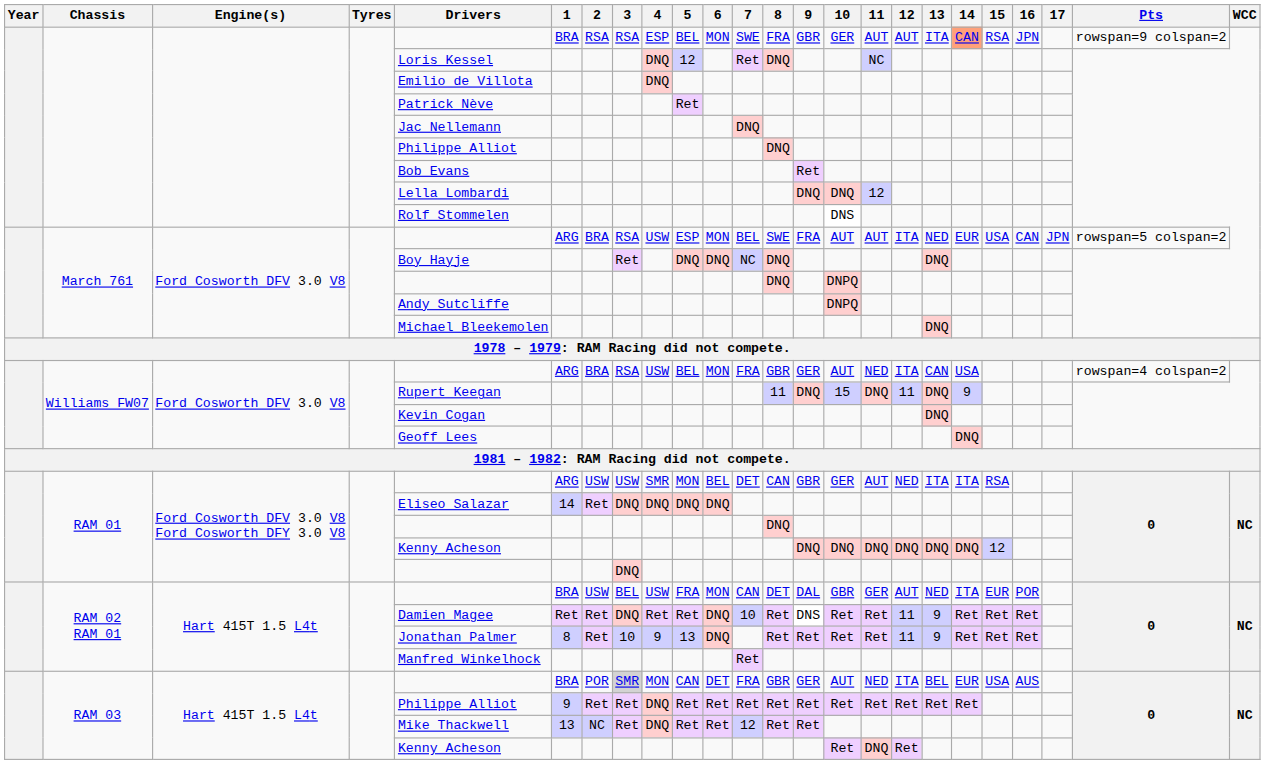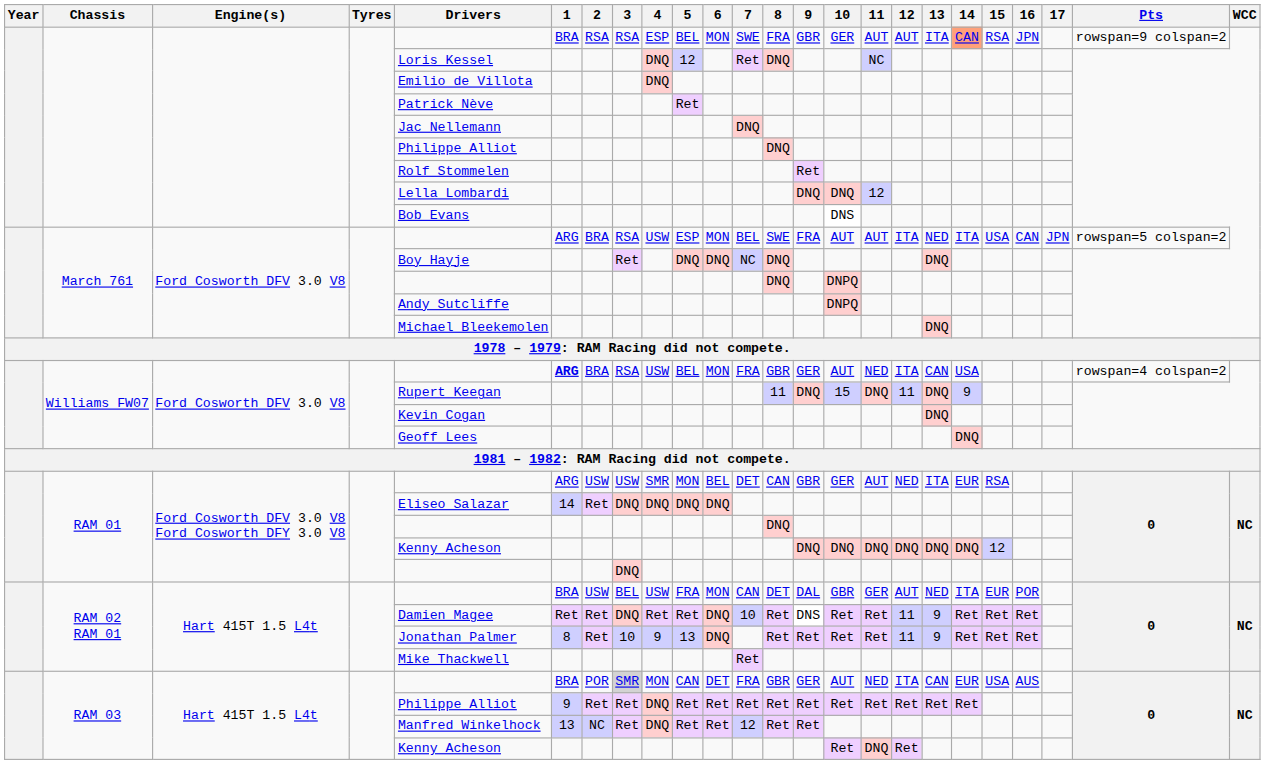 <table class="wikitable" style="text-align:center; font-size:90%">
 <tr>
 <th>Year</th>
 <th>Chassis</th>
 <th>Engine(s)</th>
 <th>Tyres</th>
 <th>Drivers</th>
 <th>1</th>
 <th>2</th>
 <th>3</th>
 <th>4</th>
 <th>5</th>
 <th>6</th>
 <th>7</th>
 <th>8</th>
 <th>9</th>
 <th>10</th>
 <th>11</th>
 <th>12</th>
 <th>13</th>
 <th>14</th>
 <th>15</th>
 <th>16</th>
 <th>17</th>
 <th><a href='#'>Pts</a></th>
 <th>WCC</th>
 </tr>
 <tr>
 <th rowspan=9></th>
 <td rowspan=9></td>
 <td rowspan=9></td>
 <td rowspan=9></td>
 <td></td>
 <td><a href='#'>BRA</a></td>
 <td><a href='#'>RSA</a></td>
 <td><a href='#'>RSA</a></td>
 <td><a href='#'>ESP</a></td>
 <td><a href='#'>BEL</a></td>
 <td><a href='#'>MON</a></td>
 <td><a href='#'>SWE</a></td>
 <td><a href='#'>FRA</a></td>
 <td><a href='#'>GBR</a></td>
 <td><a href='#'>GER</a></td>
 <td><a href='#'>AUT</a></td>
 <td><a href='#'>AUT</a></td>
 <td><a href='#'>ITA</a></td>
 <td style="background: lightsalmon;"><a href='#'>CAN</a></td>
 <td><a href='#'>RSA</a></td>
 <td><a href='#'>JPN</a></td>
 <td></td>
 <td>rowspan=9 colspan=2 </td>
 </tr>
 <tr>
 <td align="left"> <a href='#'>Loris Kessel</a></td>
 <td></td>
 <td></td>
 <td></td>
 <td style="background:#FFCFCF;">DNQ</td>
 <td style="background:#CFCFFF;">12</td>
 <td></td>
 <td style="background:#EFCFFF;">Ret</td>
 <td style="background:#FFCFCF;">DNQ</td>
 <td></td>
 <td></td>
 <td style="background:#CFCFFF;">NC</td>
 <td></td>
 <td></td>
 <td></td>
 <td></td>
 <td></td>
 <td></td>
 </tr>
 <tr>
 <td align="left"> <a href='#'>Emilio de Villota</a></td>
 <td></td>
 <td></td>
 <td></td>
 <td style="background:#FFCFCF;">DNQ</td>
 <td></td>
 <td></td>
 <td></td>
 <td></td>
 <td></td>
 <td></td>
 <td></td>
 <td></td>
 <td></td>
 <td></td>
 <td></td>
 <td></td>
 <td></td>
 </tr>
 <tr>
 <td align="left"> <a href='#'>Patrick Nève</a></td>
 <td></td>
 <td></td>
 <td></td>
 <td></td>
 <td style="background:#EFCFFF;">Ret</td>
 <td></td>
 <td></td>
 <td></td>
 <td></td>
 <td></td>
 <td></td>
 <td></td>
 <td></td>
 <td></td>
 <td></td>
 <td></td>
 <td></td>
 </tr>
 <tr>
 <td align="left"> <a href='#'>Jac Nellemann</a></td>
 <td></td>
 <td></td>
 <td></td>
 <td></td>
 <td></td>
 <td></td>
 <td style="background:#FFCFCF;">DNQ</td>
 <td></td>
 <td></td>
 <td></td>
 <td></td>
 <td></td>
 <td></td>
 <td></td>
 <td></td>
 <td></td>
 <td></td>
 </tr>
 <tr>
 <td align="left"> <a href='#'>Philippe Alliot</a></td>
 <td></td>
 <td></td>
 <td></td>
 <td></td>
 <td></td>
 <td></td>
 <td></td>
 <td style="background:#FFCFCF;">DNQ</td>
 <td></td>
 <td></td>
 <td></td>
 <td></td>
 <td></td>
 <td></td>
 <td></td>
 <td></td>
 <td></td>
 </tr>
 <tr>
-<td align="left"> <a href='#'>Bob Evans</a></td>
+<td align="left"> <a href='#'>Rolf Stommelen</a></td>
 <td></td>
 <td></td>
 <td></td>
 <td></td>
 <td></td>
 <td></td>
 <td></td>
 <td></td>
 <td style="background:#EFCFFF;">Ret</td>
 <td></td>
 <td></td>
 <td></td>
 <td></td>
 <td></td>
 <td></td>
 <td></td>
 <td></td>
 </tr>
 <tr>
 <td align="left"> <a href='#'>Lella Lombardi</a></td>
 <td></td>
 <td></td>
 <td></td>
 <td></td>
 <td></td>
 <td></td>
 <td></td>
 <td></td>
 <td style="background:#FFCFCF;">DNQ</td>
 <td style="background:#FFCFCF;">DNQ</td>
 <td style="background:#CFCFFF;">12</td>
 <td></td>
 <td></td>
 <td></td>
 <td></td>
 <td></td>
 <td></td>
 </tr>
 <tr>
-<td align="left"> <a href='#'>Rolf Stommelen</a></td>
+<td align="left"> <a href='#'>Bob Evans</a></td>
 <td></td>
 <td></td>
 <td></td>
 <td></td>
 <td></td>
 <td></td>
 <td></td>
 <td></td>
 <td></td>
 <td style="background:#FFFFFF;">DNS</td>
 <td></td>
 <td></td>
 <td></td>
 <td></td>
 <td></td>
 <td></td>
 <td></td>
 </tr>
 <tr>
 <th rowspan=5></th>
 <td rowspan=5><a href='#'>March 761</a></td>
 <td rowspan=5><a href='#'>Ford Cosworth DFV</a> 3.0 <a href='#'>V8</a></td>
 <td rowspan=5></td>
 <td></td>
 <td><a href='#'>ARG</a></td>
 <td><a href='#'>BRA</a></td>
 <td><a href='#'>RSA</a></td>
 <td><a href='#'>USW</a></td>
 <td><a href='#'>ESP</a></td>
 <td><a href='#'>MON</a></td>
 <td><a href='#'>BEL</a></td>
 <td><a href='#'>SWE</a></td>
 <td><a href='#'>FRA</a></td>
 <td><a href='#'>AUT</a></td>
 <td><a href='#'>AUT</a></td>
 <td><a href='#'>ITA</a></td>
 <td><a href='#'>NED</a></td>
-<td><a href='#'>EUR</a></td>
+<td><a href='#'>ITA</a></td>
 <td><a href='#'>USA</a></td>
 <td><a href='#'>CAN</a></td>
 <td><a href='#'>JPN</a></td>
 <td>rowspan=5 colspan=2 </td>
 </tr>
 <tr>
 <td style="text-align:left"> <a href='#'>Boy Hayje</a></td>
 <td></td>
 <td></td>
 <td style="background:#EFCFFF;">Ret</td>
 <td></td>
 <td style="background:#FFCFCF;">DNQ</td>
 <td style="background:#FFCFCF;">DNQ</td>
 <td style="background:#CFCFFF;">NC</td>
 <td style="background:#FFCFCF;">DNQ</td>
 <td></td>
 <td></td>
 <td></td>
 <td></td>
 <td style="background:#FFCFCF;">DNQ</td>
 <td></td>
 <td></td>
 <td></td>
 <td></td>
 </tr>
 <tr>
 <td style="text-align:left"></td>
 <td></td>
 <td></td>
 <td></td>
 <td></td>
 <td></td>
 <td></td>
 <td></td>
 <td style="background:#FFCFCF;">DNQ</td>
 <td></td>
 <td style="background:#FFCFCF;">DNPQ</td>
 <td></td>
 <td></td>
 <td></td>
 <td></td>
 <td></td>
 <td></td>
 <td></td>
 </tr>
 <tr>
 <td style="text-align:left"> <a href='#'>Andy Sutcliffe</a></td>
 <td></td>
 <td></td>
 <td></td>
 <td></td>
 <td></td>
 <td></td>
 <td></td>
 <td></td>
 <td></td>
 <td style="background:#FFCFCF;">DNPQ</td>
 <td></td>
 <td></td>
 <td></td>
 <td></td>
 <td></td>
 <td></td>
 <td></td>
 </tr>
 <tr>
 <td style="text-align:left"> <a href='#'>Michael Bleekemolen</a></td>
 <td></td>
 <td></td>
 <td></td>
 <td></td>
 <td></td>
 <td></td>
 <td></td>
 <td></td>
 <td></td>
 <td></td>
 <td></td>
 <td></td>
 <td style="background:#FFCFCF;">DNQ</td>
 <td></td>
 <td></td>
 <td></td>
 <td></td>
 </tr>
 <tr>
 <th colspan="24" style="text-align:center;"><a href='#'>1978</a> – <a href='#'>1979</a>: RAM Racing did not compete.</th>
 </tr>
 <tr>
 <th rowspan=4></th>
 <td rowspan=4><a href='#'>Williams FW07</a></td>
 <td rowspan=4><a href='#'>Ford Cosworth DFV</a> 3.0 <a href='#'>V8</a></td>
 <td rowspan=4></td>
 <td></td>
-<td><a href='#'>ARG</a></td>
+<td><strong><a href='#'>ARG</a></strong></td>
 <td><a href='#'>BRA</a></td>
 <td><a href='#'>RSA</a></td>
 <td><a href='#'>USW</a></td>
 <td><a href='#'>BEL</a></td>
 <td><a href='#'>MON</a></td>
 <td><a href='#'>FRA</a></td>
 <td><a href='#'>GBR</a></td>
 <td><a href='#'>GER</a></td>
 <td><a href='#'>AUT</a></td>
 <td><a href='#'>NED</a></td>
 <td><a href='#'>ITA</a></td>
 <td><a href='#'>CAN</a></td>
 <td><a href='#'>USA</a></td>
 <td></td>
 <td></td>
 <td></td>
 <td>rowspan=4 colspan=2 </td>
 </tr>
 <tr>
 <td align="left"> <a href='#'>Rupert Keegan</a></td>
 <td></td>
 <td></td>
 <td></td>
 <td></td>
 <td></td>
 <td></td>
 <td></td>
 <td style="background:#CFCFFF;">11</td>
 <td style="background:#FFCFCF;">DNQ</td>
 <td style="background:#CFCFFF;">15</td>
 <td style="background:#FFCFCF;">DNQ</td>
 <td style="background:#CFCFFF;">11</td>
 <td style="background:#FFCFCF;">DNQ</td>
 <td style="background:#CFCFFF;">9</td>
 <td></td>
 <td></td>
 <td></td>
 </tr>
 <tr>
 <td align="left"> <a href='#'>Kevin Cogan</a></td>
 <td></td>
 <td></td>
 <td></td>
 <td></td>
 <td></td>
 <td></td>
 <td></td>
 <td></td>
 <td></td>
 <td></td>
 <td></td>
 <td></td>
 <td style="background:#FFCFCF;">DNQ</td>
 <td></td>
 <td></td>
 <td></td>
 <td></td>
 </tr>
 <tr>
 <td align="left"> <a href='#'>Geoff Lees</a></td>
 <td></td>
 <td></td>
 <td></td>
 <td></td>
 <td></td>
 <td></td>
 <td></td>
 <td></td>
 <td></td>
 <td></td>
 <td></td>
 <td></td>
 <td></td>
 <td style="background:#ffcfcf;">DNQ</td>
 <td></td>
 <td></td>
 <td></td>
 </tr>
 <tr>
 <th colspan="24" style="text-align:center;"><a href='#'>1981</a> – <a href='#'>1982</a>: RAM Racing did not compete.</th>
 </tr>
 <tr>
 <th rowspan=5></th>
 <td rowspan=5><a href='#'>RAM 01</a></td>
 <td rowspan=5><a href='#'>Ford Cosworth DFV</a> 3.0 <a href='#'>V8</a><br><a href='#'>Ford Cosworth DFY</a> 3.0 <a href='#'>V8</a></td>
 <td rowspan=5></td>
 <td></td>
 <td><a href='#'>ARG</a></td>
 <td><a href='#'>USW</a></td>
 <td><a href='#'>USW</a></td>
 <td><a href='#'>SMR</a></td>
 <td><a href='#'>MON</a></td>
 <td><a href='#'>BEL</a></td>
 <td><a href='#'>DET</a></td>
 <td><a href='#'>CAN</a></td>
 <td><a href='#'>GBR</a></td>
 <td><a href='#'>GER</a></td>
 <td><a href='#'>AUT</a></td>
 <td><a href='#'>NED</a></td>
 <td><a href='#'>ITA</a></td>
-<td><a href='#'>ITA</a></td>
+<td><a href='#'>EUR</a></td>
 <td><a href='#'>RSA</a></td>
 <td></td>
 <td></td>
 <th rowspan=5>0</th>
 <th rowspan=5>NC</th>
 </tr>
 <tr>
 <td align="left"> <a href='#'>Eliseo Salazar</a></td>
 <td style="background:#CFCFFF;">14</td>
 <td style="background:#EFCFFF;">Ret</td>
 <td style="background:#FFCFCF;">DNQ</td>
 <td style="background:#FFCFCF;">DNQ</td>
 <td style="background:#FFCFCF;">DNQ</td>
 <td style="background:#FFCFCF;">DNQ</td>
 <td></td>
 <td></td>
 <td></td>
 <td></td>
 <td></td>
 <td></td>
 <td></td>
 <td></td>
 <td></td>
 <td></td>
 <td></td>
 </tr>
 <tr>
 <td align="left"></td>
 <td></td>
 <td></td>
 <td></td>
 <td></td>
 <td></td>
 <td></td>
 <td></td>
 <td style="background:#ffcfcf;">DNQ</td>
 <td></td>
 <td></td>
 <td></td>
 <td></td>
 <td></td>
 <td></td>
 <td></td>
 <td></td>
 <td></td>
 </tr>
 <tr>
 <td align="left"> <a href='#'>Kenny Acheson</a></td>
 <td></td>
 <td></td>
 <td></td>
 <td></td>
 <td></td>
 <td></td>
 <td></td>
 <td></td>
 <td style="background:#FFCFCF;">DNQ</td>
 <td style="background:#FFCFCF;">DNQ</td>
 <td style="background:#FFCFCF;">DNQ</td>
 <td style="background:#FFCFCF;">DNQ</td>
 <td style="background:#FFCFCF;">DNQ</td>
 <td style="background:#FFCFCF;">DNQ</td>
 <td style="background:#CFCFFF;">12</td>
 <td></td>
 <td></td>
 </tr>
 <tr>
 <td align="left"></td>
 <td></td>
 <td></td>
 <td style="background:#ffcfcf;">DNQ</td>
 <td></td>
 <td></td>
 <td></td>
 <td></td>
 <td></td>
 <td></td>
 <td></td>
 <td></td>
 <td></td>
 <td></td>
 <td></td>
 <td></td>
 <td></td>
 <td></td>
 </tr>
 <tr>
 <th rowspan=4></th>
 <td rowspan=4><a href='#'>RAM 02</a><br><a href='#'>RAM 01</a></td>
 <td rowspan=4><a href='#'>Hart</a> 415T 1.5 <a href='#'>L4</a><a href='#'>t</a></td>
 <td rowspan=4></td>
 <td></td>
 <td><a href='#'>BRA</a></td>
 <td><a href='#'>USW</a></td>
 <td><a href='#'>BEL</a></td>
 <td><a href='#'>USW</a></td>
 <td><a href='#'>FRA</a></td>
 <td><a href='#'>MON</a></td>
 <td><a href='#'>CAN</a></td>
 <td><a href='#'>DET</a></td>
 <td><a href='#'>DAL</a></td>
 <td><a href='#'>GBR</a></td>
 <td><a href='#'>GER</a></td>
 <td><a href='#'>AUT</a></td>
 <td><a href='#'>NED</a></td>
 <td><a href='#'>ITA</a></td>
 <td><a href='#'>EUR</a></td>
 <td><a href='#'>POR</a></td>
 <td></td>
 <th rowspan=4>0</th>
 <th rowspan=4>NC</th>
 </tr>
 <tr>
 <td align="left"> <a href='#'>Damien Magee</a></td>
 <td style="background:#EFCFFF;">Ret</td>
 <td style="background:#EFCFFF;">Ret</td>
 <td style="background:#FFCFCF;">DNQ</td>
 <td style="background:#EFCFFF;">Ret</td>
 <td style="background:#EFCFFF;">Ret</td>
 <td style="background:#FFCFCF;">DNQ</td>
 <td style="background:#CFCFFF;">10</td>
 <td style="background:#EFCFFF;">Ret</td>
 <td style="background:#ffffff;">DNS</td>
 <td style="background:#EFCFFF;">Ret</td>
 <td style="background:#EFCFFF;">Ret</td>
 <td style="background:#CFCFFF;">11</td>
 <td style="background:#CFCFFF;">9</td>
 <td style="background:#EFCFFF;">Ret</td>
 <td style="background:#EFCFFF;">Ret</td>
 <td style="background:#EFCFFF;">Ret</td>
 <td></td>
 </tr>
 <tr>
 <td align="left"> <a href='#'>Jonathan Palmer</a></td>
 <td style="background:#CFCFFF;">8</td>
 <td style="background:#EFCFFF;">Ret</td>
 <td style="background:#CFCFFF;">10</td>
 <td style="background:#CFCFFF;">9</td>
 <td style="background:#CFCFFF;">13</td>
 <td style="background:#FFCFCF;">DNQ</td>
 <td></td>
 <td style="background:#EFCFFF;">Ret</td>
 <td style="background:#EFCFFF;">Ret</td>
 <td style="background:#EFCFFF;">Ret</td>
 <td style="background:#EFCFFF;">Ret</td>
 <td style="background:#CFCFFF;">11</td>
 <td style="background:#CFCFFF;">9</td>
 <td style="background:#EFCFFF;">Ret</td>
 <td style="background:#EFCFFF;">Ret</td>
 <td style="background:#EFCFFF;">Ret</td>
 <td></td>
 </tr>
 <tr>
-<td align="left"> <a href='#'>Manfred Winkelhock</a></td>
+<td align="left"> <a href='#'>Mike Thackwell</a></td>
 <td></td>
 <td></td>
 <td></td>
 <td></td>
 <td></td>
 <td></td>
 <td style="background:#EFCFFF;">Ret</td>
 <td></td>
 <td></td>
 <td></td>
 <td></td>
 <td></td>
 <td></td>
 <td></td>
 <td></td>
 <td></td>
 <td></td>
 </tr>
 <tr>
 <th rowspan=4></th>
 <td rowspan=4><a href='#'>RAM 03</a></td>
 <td rowspan=4><a href='#'>Hart</a> 415T 1.5 <a href='#'>L4</a><a href='#'>t</a></td>
 <td rowspan=4></td>
 <td></td>
 <td><a href='#'>BRA</a></td>
 <td><a href='#'>POR</a></td>
 <td style="background: lightgrey;"><a href='#'>SMR</a></td>
 <td><a href='#'>MON</a></td>
 <td><a href='#'>CAN</a></td>
 <td><a href='#'>DET</a></td>
 <td><a href='#'>FRA</a></td>
 <td><a href='#'>GBR</a></td>
 <td><a href='#'>GER</a></td>
 <td><a href='#'>AUT</a></td>
 <td><a href='#'>NED</a></td>
 <td><a href='#'>ITA</a></td>
-<td><a href='#'>BEL</a></td>
+<td><a href='#'>CAN</a></td>
 <td><a href='#'>EUR</a></td>
 <td><a href='#'>USA</a></td>
 <td><a href='#'>AUS</a></td>
 <td></td>
 <th rowspan=4>0</th>
 <th rowspan=4>NC</th>
 </tr>
 <tr>
 <td align="left"> <a href='#'>Philippe Alliot</a></td>
 <td style="background:#CFCFFF;">9</td>
 <td style="background:#EFCFFF;">Ret</td>
 <td style="background:#EFCFFF;">Ret</td>
 <td style="background:#FFCFCF;">DNQ</td>
 <td style="background:#EFCFFF;">Ret</td>
 <td style="background:#EFCFFF;">Ret</td>
 <td style="background:#EFCFFF;">Ret</td>
 <td style="background:#EFCFFF;">Ret</td>
 <td style="background:#EFCFFF;">Ret</td>
 <td style="background:#EFCFFF;">Ret</td>
 <td style="background:#EFCFFF;">Ret</td>
 <td style="background:#EFCFFF;">Ret</td>
 <td style="background:#EFCFFF;">Ret</td>
 <td style="background:#EFCFFF;">Ret</td>
 <td></td>
 <td></td>
 <td></td>
 </tr>
 <tr>
-<td align="left"> <a href='#'>Mike Thackwell</a></td>
+<td align="left"> <a href='#'>Manfred Winkelhock</a></td>
 <td style="background:#CFCFFF;">13</td>
 <td style="background:#CFCFFF;">NC</td>
 <td style="background:#EFCFFF;">Ret</td>
 <td style="background:#FFCFCF;">DNQ</td>
 <td style="background:#EFCFFF;">Ret</td>
 <td style="background:#EFCFFF;">Ret</td>
 <td style="background:#CFCFFF;">12</td>
 <td style="background:#EFCFFF;">Ret</td>
 <td style="background:#EFCFFF;">Ret</td>
 <td></td>
 <td></td>
 <td></td>
 <td></td>
 <td></td>
 <td></td>
 <td></td>
 <td></td>
 </tr>
 <tr>
 <td align="left"> <a href='#'>Kenny Acheson</a></td>
 <td></td>
 <td></td>
 <td></td>
 <td></td>
 <td></td>
 <td></td>
 <td></td>
 <td></td>
 <td></td>
 <td style="background:#EFCFFF;">Ret</td>
 <td style="background:#FFCFCF;">DNQ</td>
 <td style="background:#EFCFFF;">Ret</td>
 <td></td>
 <td></td>
 <td></td>
 <td></td>
 <td></td>
 </tr>
 </table>
